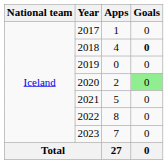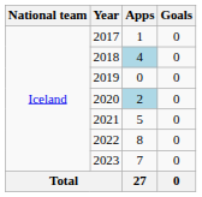 <table class="wikitable" style="text-align:center">
 <tr>
 <th>National team</th>
 <th>Year</th>
 <th>Apps</th>
 <th>Goals</th>
 </tr>
 <tr>
 <td rowspan="7"><a href='#'>Iceland</a></td>
 <td>2017</td>
 <td>1</td>
 <td>0</td>
 </tr>
 <tr>
 <td>2018</td>
-<td>4</td>
-<td><strong>0</strong></td>
+<td style="background: lightblue;">4</td>
+<td>0</td>
 </tr>
 <tr>
 <td>2019</td>
 <td>0</td>
 <td>0</td>
 </tr>
 <tr>
 <td>2020</td>
-<td>2</td>
-<td style="background: lightgreen;">0</td>
+<td style="background: lightblue;">2</td>
+<td>0</td>
 </tr>
 <tr>
 <td>2021</td>
 <td>5</td>
 <td>0</td>
 </tr>
 <tr>
 <td>2022</td>
 <td>8</td>
 <td>0</td>
 </tr>
 <tr>
 <td>2023</td>
 <td>7</td>
 <td>0</td>
 </tr>
 <tr>
 <th colspan="2">Total</th>
 <th>27</th>
 <th>0</th>
 </tr>
 </table>
